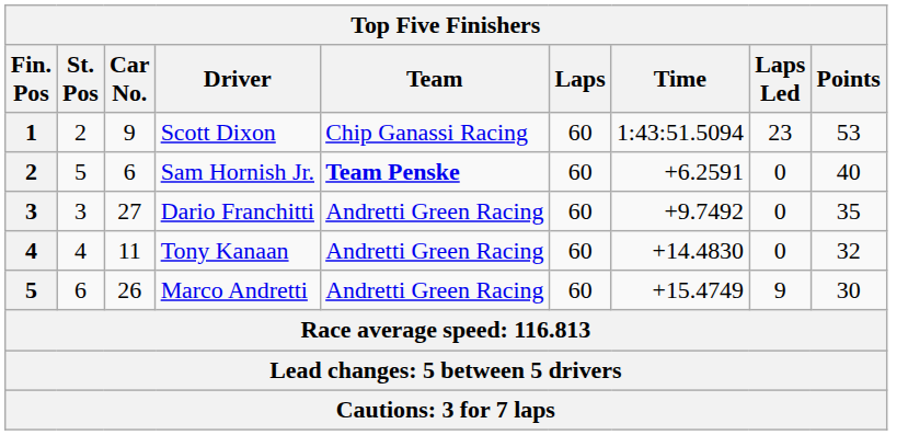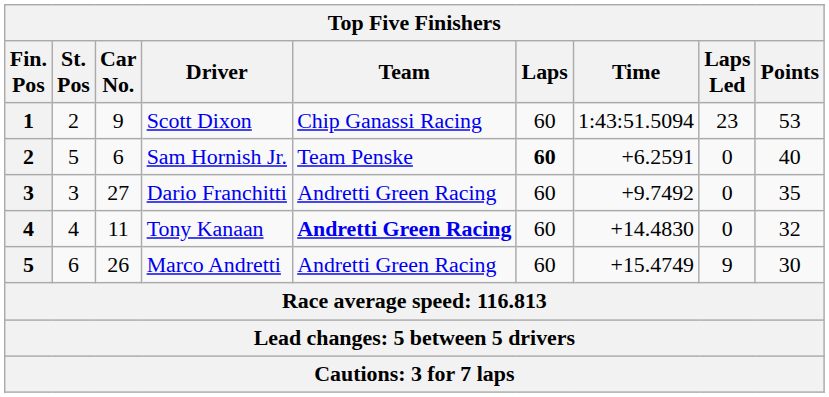 <table class="wikitable" style="font-size:95%;text-align:center">
 <tr>
 <th colspan=9>Top Five Finishers</th>
 </tr>
 <tr>
 <th>Fin.<br>Pos</th>
 <th>St.<br>Pos</th>
 <th>Car<br>No.</th>
 <th>Driver</th>
 <th>Team</th>
 <th>Laps</th>
 <th>Time</th>
 <th>Laps<br>Led</th>
 <th>Points</th>
 </tr>
 <tr>
 <th>1</th>
 <td>2</td>
 <td>9</td>
 <td style="text-align:left"> <a href='#'>Scott Dixon</a></td>
 <td style="text-align:left"><a href='#'>Chip Ganassi Racing</a></td>
 <td>60</td>
 <td align=right>1:43:51.5094</td>
 <td>23</td>
 <td>53</td>
 </tr>
 <tr>
 <th>2</th>
 <td>5</td>
 <td>6</td>
 <td style="text-align:left"> <a href='#'>Sam Hornish Jr.</a></td>
-<td style="text-align:left"><strong><a href='#'>Team Penske</a></strong></td>
-<td>60</td>
+<td style="text-align:left"><a href='#'>Team Penske</a></td>
+<td><strong>60</strong></td>
 <td align=right>+6.2591</td>
 <td>0</td>
 <td>40</td>
 </tr>
 <tr>
 <th>3</th>
 <td>3</td>
 <td>27</td>
 <td style="text-align:left"> <a href='#'>Dario Franchitti</a></td>
 <td style="text-align:left"><a href='#'>Andretti Green Racing</a></td>
 <td>60</td>
 <td align=right>+9.7492</td>
 <td>0</td>
 <td>35</td>
 </tr>
 <tr>
 <th>4</th>
 <td>4</td>
 <td>11</td>
 <td style="text-align:left"> <a href='#'>Tony Kanaan</a></td>
-<td style="text-align:left"><a href='#'>Andretti Green Racing</a></td>
+<td style="text-align:left"><strong><a href='#'>Andretti Green Racing</a></strong></td>
 <td>60</td>
 <td align=right>+14.4830</td>
 <td>0</td>
 <td>32</td>
 </tr>
 <tr>
 <th>5</th>
 <td>6</td>
 <td>26</td>
 <td style="text-align:left"> <a href='#'>Marco Andretti</a></td>
 <td style="text-align:left"><a href='#'>Andretti Green Racing</a></td>
 <td>60</td>
 <td align=right>+15.4749</td>
 <td>9</td>
 <td>30</td>
 </tr>
 <tr>
 <th colspan=9>Race average speed: 116.813</th>
 </tr>
 <tr>
 <th colspan=9>Lead changes: 5 between 5 drivers</th>
 </tr>
 <tr>
 <th colspan=9>Cautions: 3 for 7 laps</th>
 </tr>
 </table>
